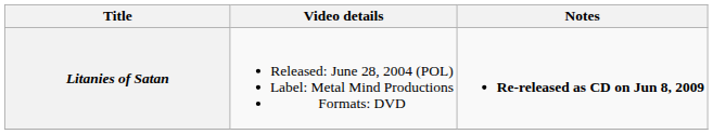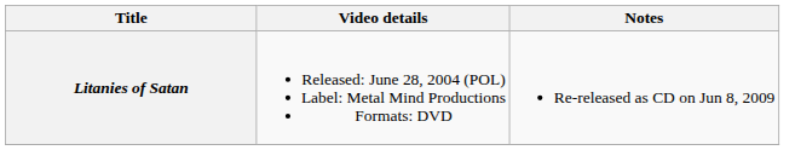 <table class="wikitable plainrowheaders" style="text-align:center;">
 <tr>
 <th scope="col" style="width:15em;">Title</th>
 <th scope="col">Video details</th>
 <th scope="col">Notes</th>
 </tr>
 <tr>
 <th scope="row"><em>Litanies of Satan</em></th>
 <td><br><ul><li>Released: June 28, 2004 (POL)</li><li>Label: Metal Mind Productions</li><li>Formats: DVD</li></ul></td>
-<td><strong><br><ul><li>Re-released as CD on Jun 8, 2009</li></ul></strong></td>
+<td><br><ul><li>Re-released as CD on Jun 8, 2009</li></ul></td>
 </tr>
 <tr>
 </tr>
 </table>
